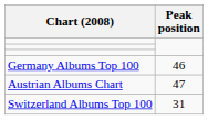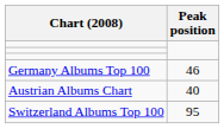 <table class="wikitable sortable">
 <tr>
 <th>Chart (2008)</th>
 <th>Peak<br>position</th>
 </tr>
 <tr>
 <td></td>
 </tr>
 <tr>
 <td></td>
 </tr>
 <tr>
 <td></td>
 </tr>
 <tr>
 <td><a href='#'>Germany Albums Top 100</a></td>
 <td style="text-align:center;">46</td>
 </tr>
 <tr>
 <td><a href='#'>Austrian Albums Chart</a></td>
-<td style="text-align:center;">47</td>
+<td style="text-align:center;">40</td>
 </tr>
 <tr>
 <td><a href='#'>Switzerland Albums Top 100</a></td>
-<td style="text-align:center;">31</td>
+<td style="text-align:center;">95</td>
 </tr>
 </table>
